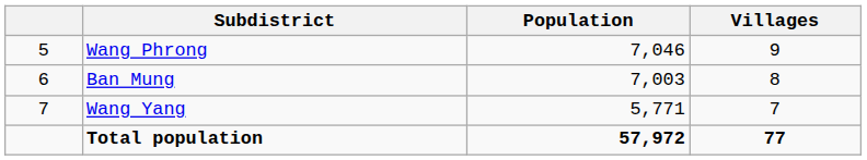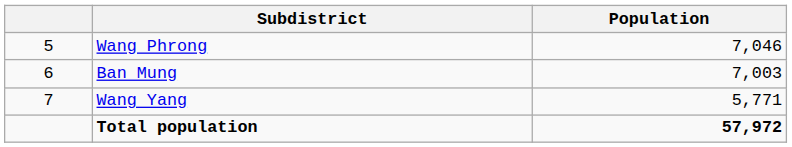 <table class="wikitable" style="width:48%; display:inline-table;">
 <tr>
 <th scope="col" style="width:9%;"> </th>
 <th scope="col" style="width:45%;">Subdistrict</th>
 <th scope="col" style="width:26%;">Population</th>
-<th scope="col" style="width:20%;">Villages</th>
 </tr>
 <tr>
 <td style="text-align:center;">5</td>
 <td><a href='#'>Wang Phrong</a></td>
 <td style="text-align:right;">7,046</td>
-<td style="text-align:center;">9</td>
 </tr>
 <tr>
 <td style="text-align:center;">6</td>
 <td><a href='#'>Ban Mung</a></td>
 <td style="text-align:right;">7,003</td>
-<td style="text-align:center;">8</td>
 </tr>
 <tr>
 <td style="text-align:center;">7</td>
 <td><a href='#'>Wang Yang</a></td>
 <td style="text-align:right;">5,771</td>
-<td style="text-align:center;">7</td>
 </tr>
 <tr>
 <td></td>
 <td><strong>Total population</strong></td>
 <td style="text-align:right;"><strong>57,972</strong></td>
-<td style="text-align:center;"><strong>77</strong></td>
 </tr>
 </table>
